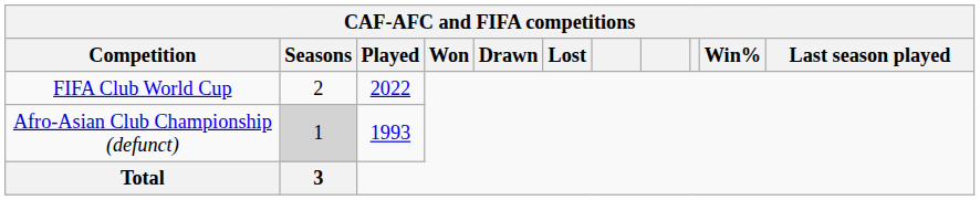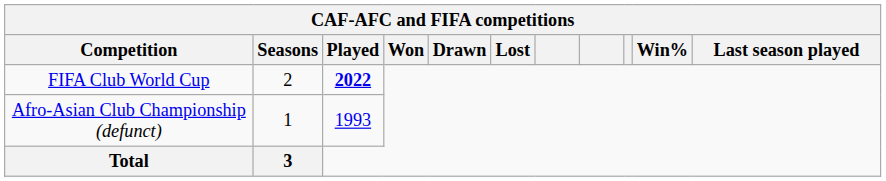 <table class="wikitable sortable" style="font-size:95%; text-align: center;">
 <tr>
 <th colspan="11">CAF-AFC and FIFA competitions</th>
 </tr>
 <tr>
 <th width="200">Competition</th>
 <th width="30">Seasons</th>
 <th width="30">Played</th>
 <th width="30">Won</th>
 <th width="30">Drawn</th>
 <th width="30">Lost</th>
 <th width="30"></th>
 <th width="30"></th>
 <th></th>
 <th>Win%</th>
 <th width="150">Last season played</th>
 </tr>
 <tr>
 <td><a href='#'>FIFA Club World Cup</a></td>
 <td>2<br></td>
-<td><a href='#'>2022</a></td>
+<td><strong><a href='#'>2022</a></strong></td>
 </tr>
 <tr>
 <td><a href='#'>Afro-Asian Club Championship</a> <em>(defunct)</em></td>
-<td style="background: lightgrey;">1<br></td>
+<td>1<br></td>
 <td><a href='#'>1993</a></td>
 </tr>
 <tr bgcolor="#EEEEEE">
 <th>Total</th>
 <th>3<br></th>
 </tr>
 </table>
